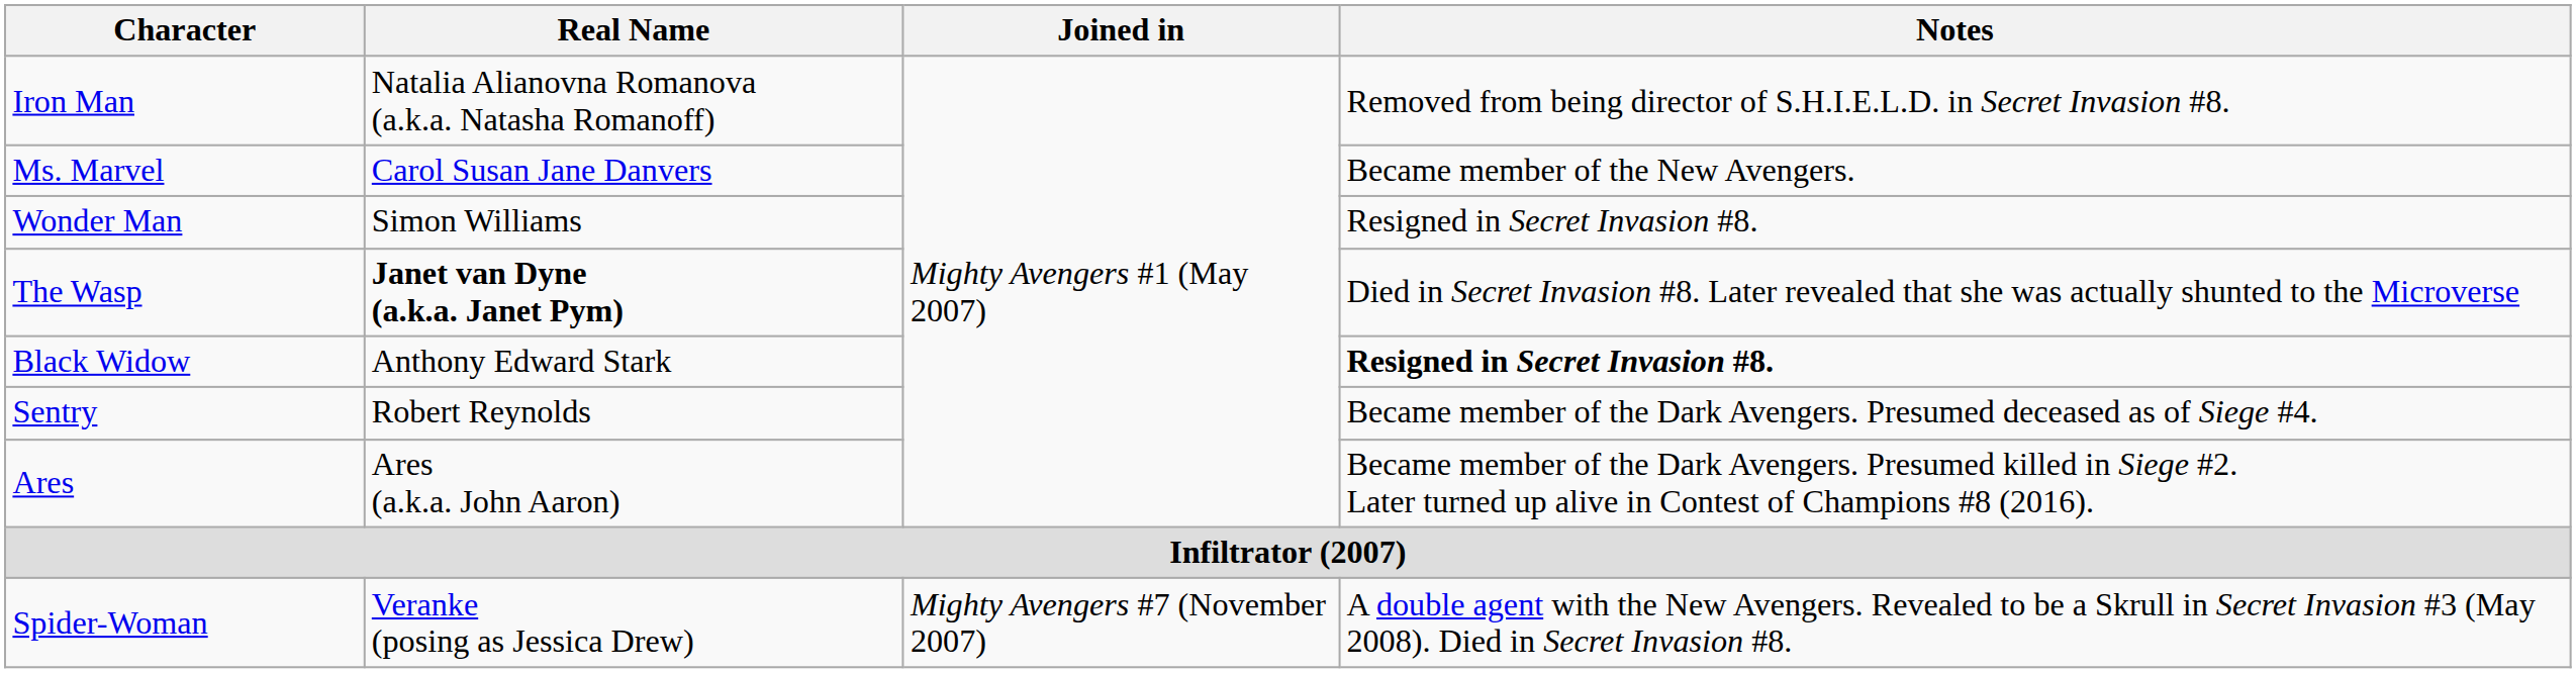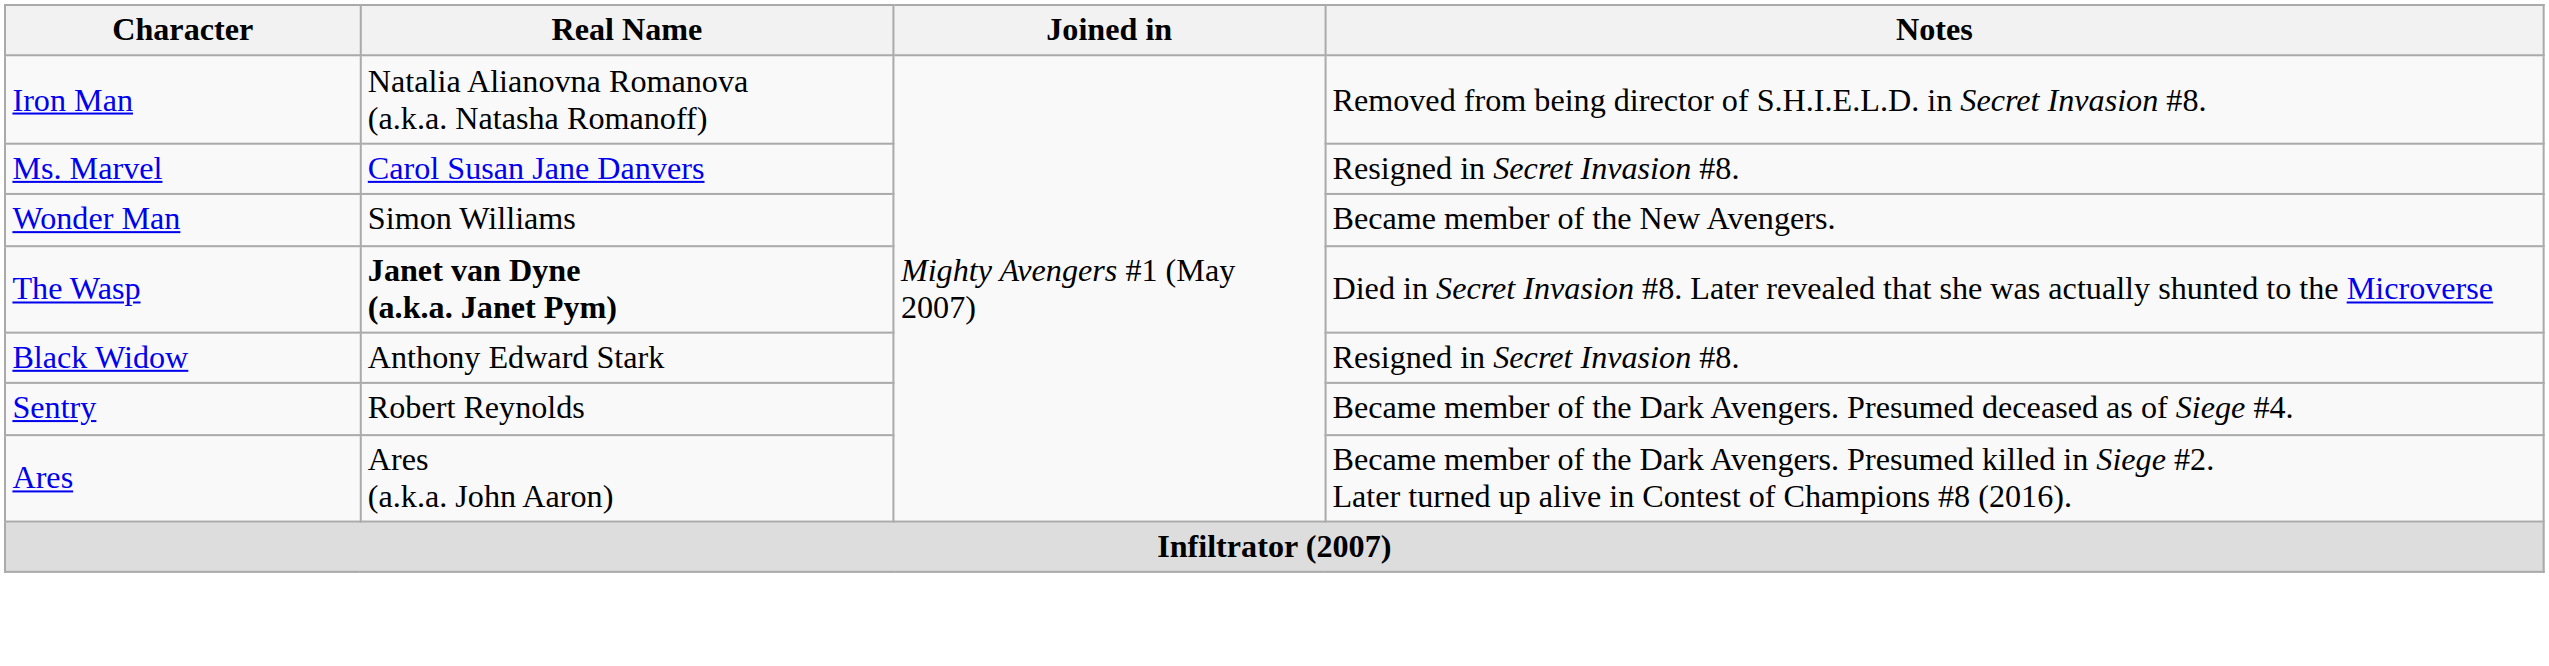 <table class="wikitable" style="width:100%;">
 <tr>
 <th width=14%>Character</th>
 <th width=21%>Real Name</th>
 <th width=17%>Joined in</th>
 <th width=48%>Notes</th>
 </tr>
 <tr>
 <td><a href='#'>Iron Man</a></td>
 <td>Natalia Alianovna Romanova<br>(a.k.a. Natasha Romanoff)</td>
 <td rowspan="7"><em>Mighty Avengers</em> #1 (May 2007)</td>
 <td>Removed from being director of S.H.I.E.L.D. in <em>Secret Invasion</em> #8.</td>
 </tr>
 <tr>
 <td><a href='#'>Ms. Marvel</a></td>
 <td><a href='#'>Carol Susan Jane Danvers</a></td>
-<td>Became member of the New Avengers.</td>
+<td>Resigned in <em>Secret Invasion</em> #8.</td>
 </tr>
 <tr>
 <td><a href='#'>Wonder Man</a></td>
 <td>Simon Williams</td>
-<td>Resigned in <em>Secret Invasion</em> #8.</td>
+<td>Became member of the New Avengers.</td>
 </tr>
 <tr>
 <td><a href='#'>The Wasp</a></td>
 <td><strong>Janet van Dyne<br>(a.k.a. Janet Pym)</strong></td>
 <td>Died in <em>Secret Invasion</em> #8. Later revealed that she was actually shunted to the <a href='#'>Microverse</a></td>
 </tr>
 <tr>
 <td><a href='#'>Black Widow</a></td>
 <td>Anthony Edward Stark</td>
-<td><strong>Resigned in <em>Secret Invasion</em> #8.</strong></td>
+<td>Resigned in <em>Secret Invasion</em> #8.</td>
 </tr>
 <tr>
 <td><a href='#'>Sentry</a></td>
 <td>Robert Reynolds</td>
 <td>Became member of the Dark Avengers. Presumed deceased as of <em>Siege</em> #4.</td>
 </tr>
 <tr>
 <td><a href='#'>Ares</a></td>
 <td>Ares<br>(a.k.a. John Aaron)</td>
 <td>Became member of the Dark Avengers. Presumed killed in <em>Siege</em> #2.<br>Later turned up alive in Contest of Champions #8 (2016). <br></td>
 </tr>
 <tr style="background:#ddd;">
 <td colspan="4" style="text-align:center;"><strong>Infiltrator (2007)</strong></td>
 </tr>
-<tr>
-<td><a href='#'>Spider-Woman</a></td>
-<td><a href='#'>Veranke</a><br>(posing as Jessica Drew)</td>
-<td><em>Mighty Avengers</em> #7 (November 2007)</td>
-<td>A <a href='#'>double agent</a> with the New Avengers. Revealed to be a Skrull in <em>Secret Invasion</em> #3 (May 2008). Died in <em>Secret Invasion</em> #8.</td>
-</tr>
 </table>
